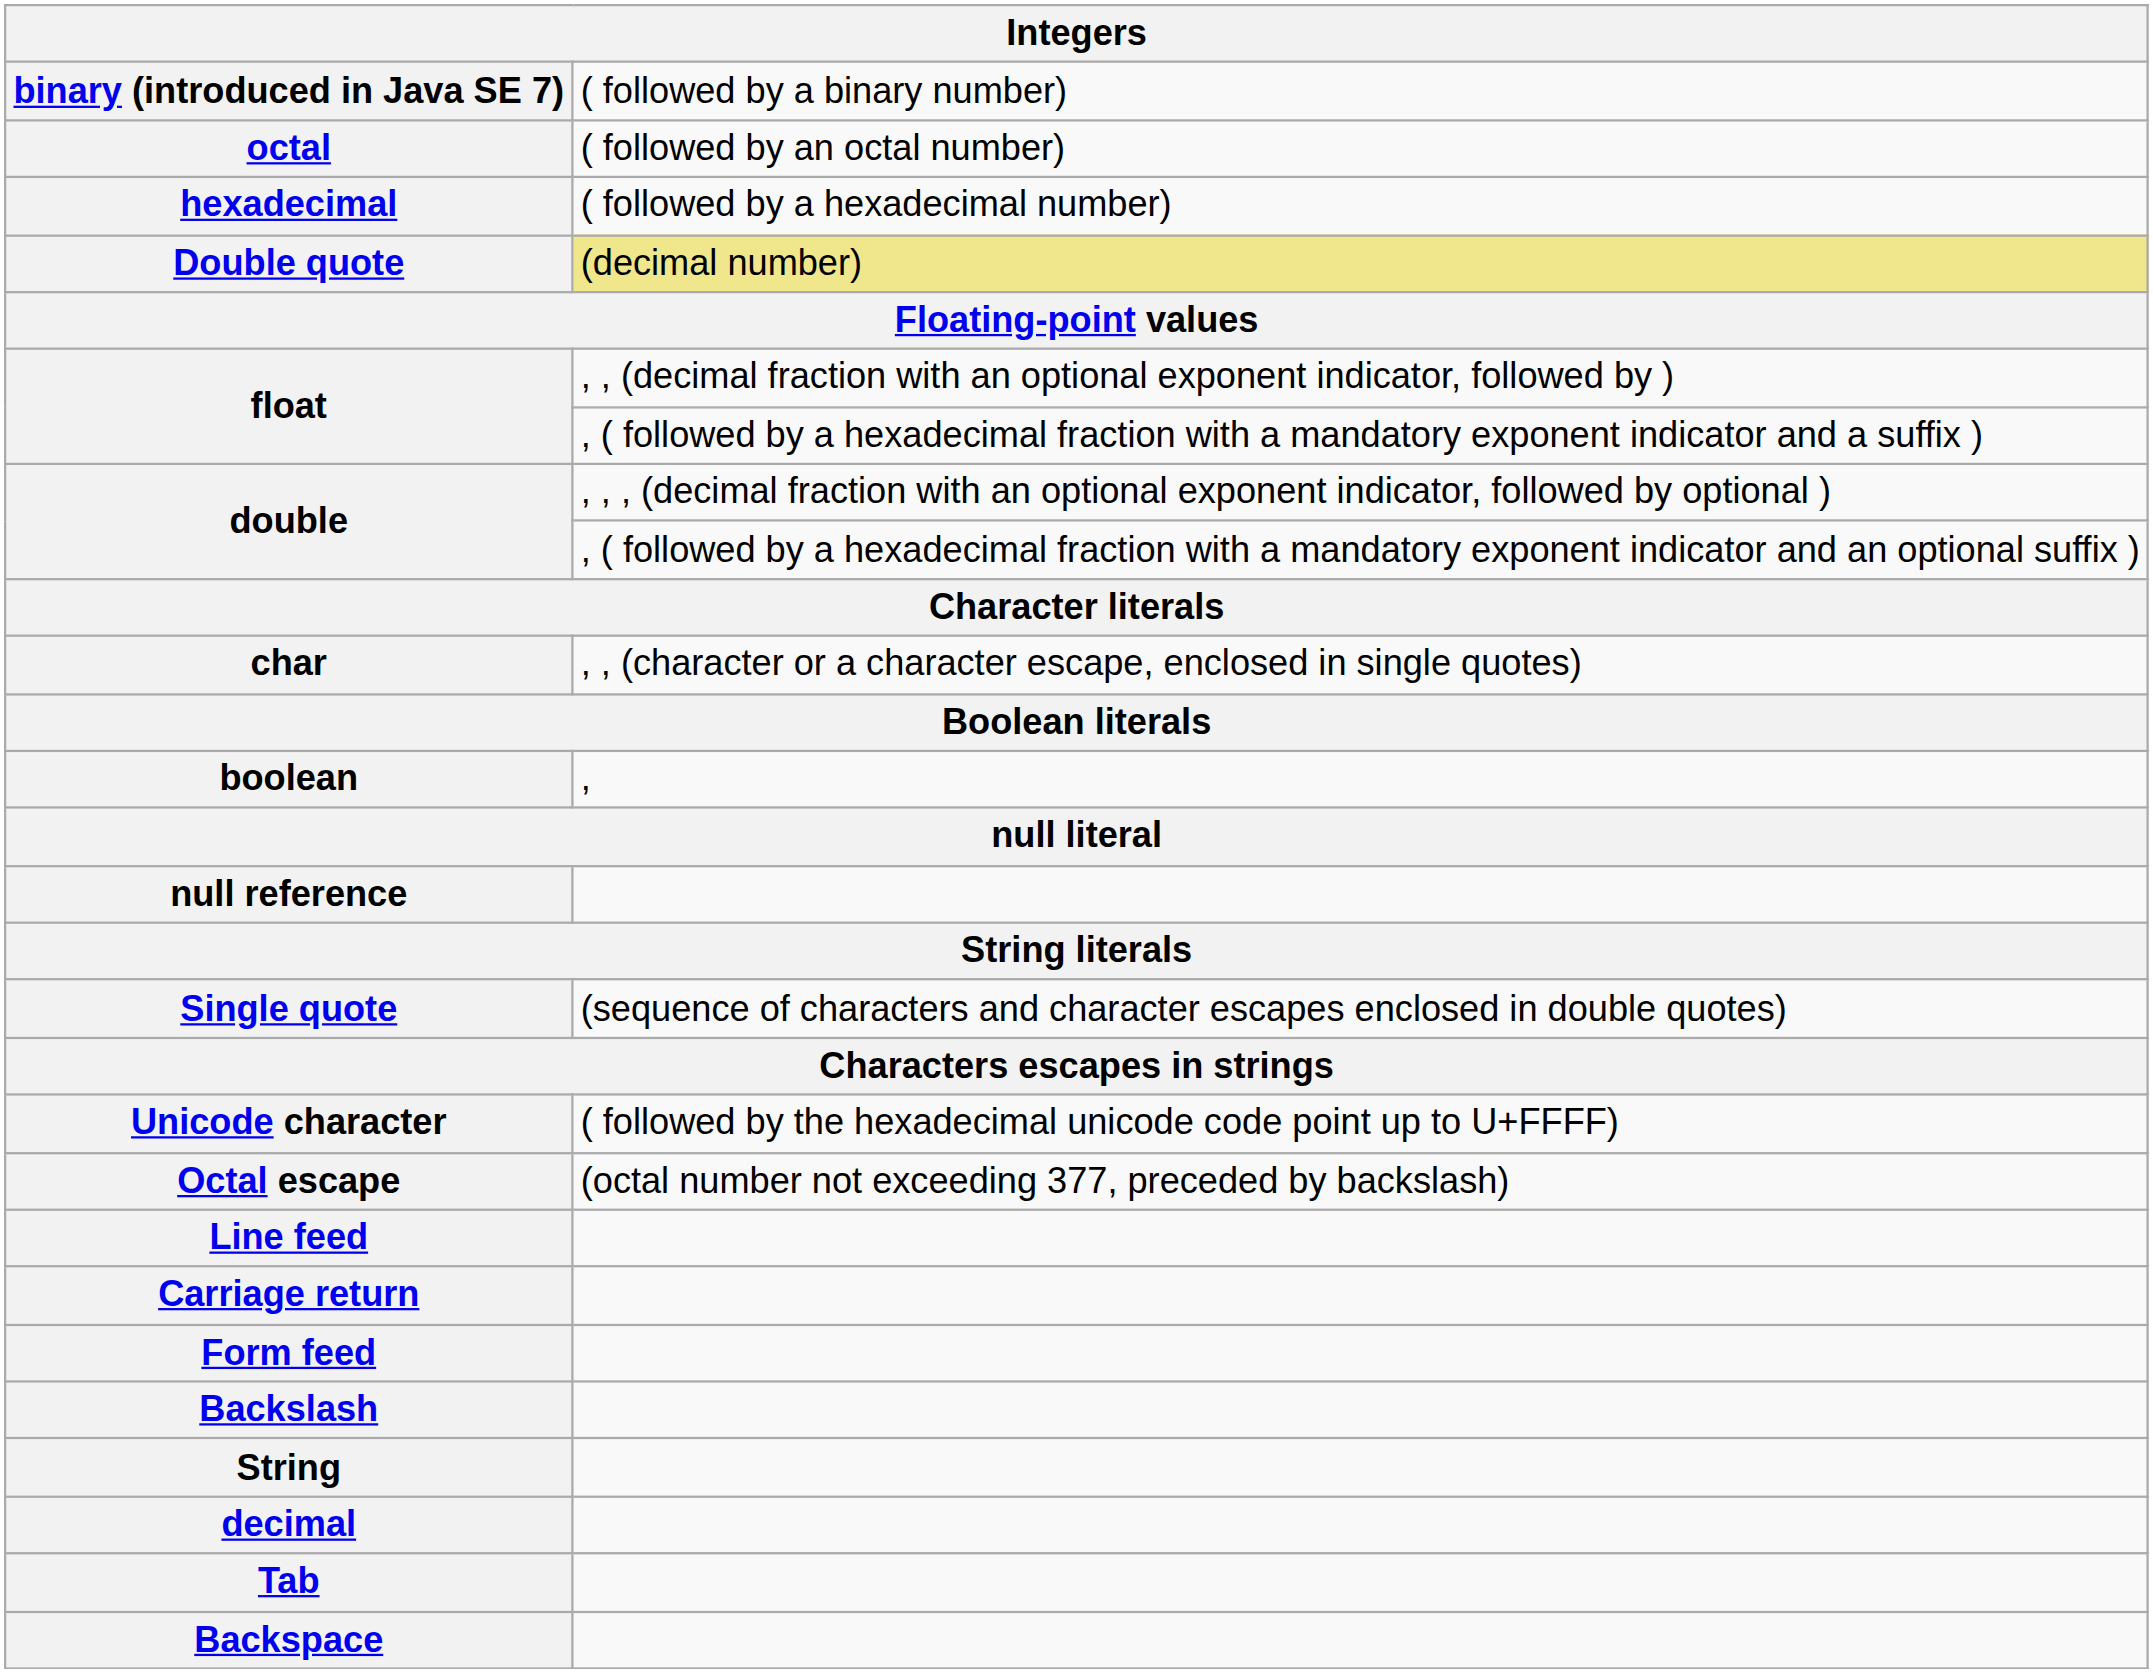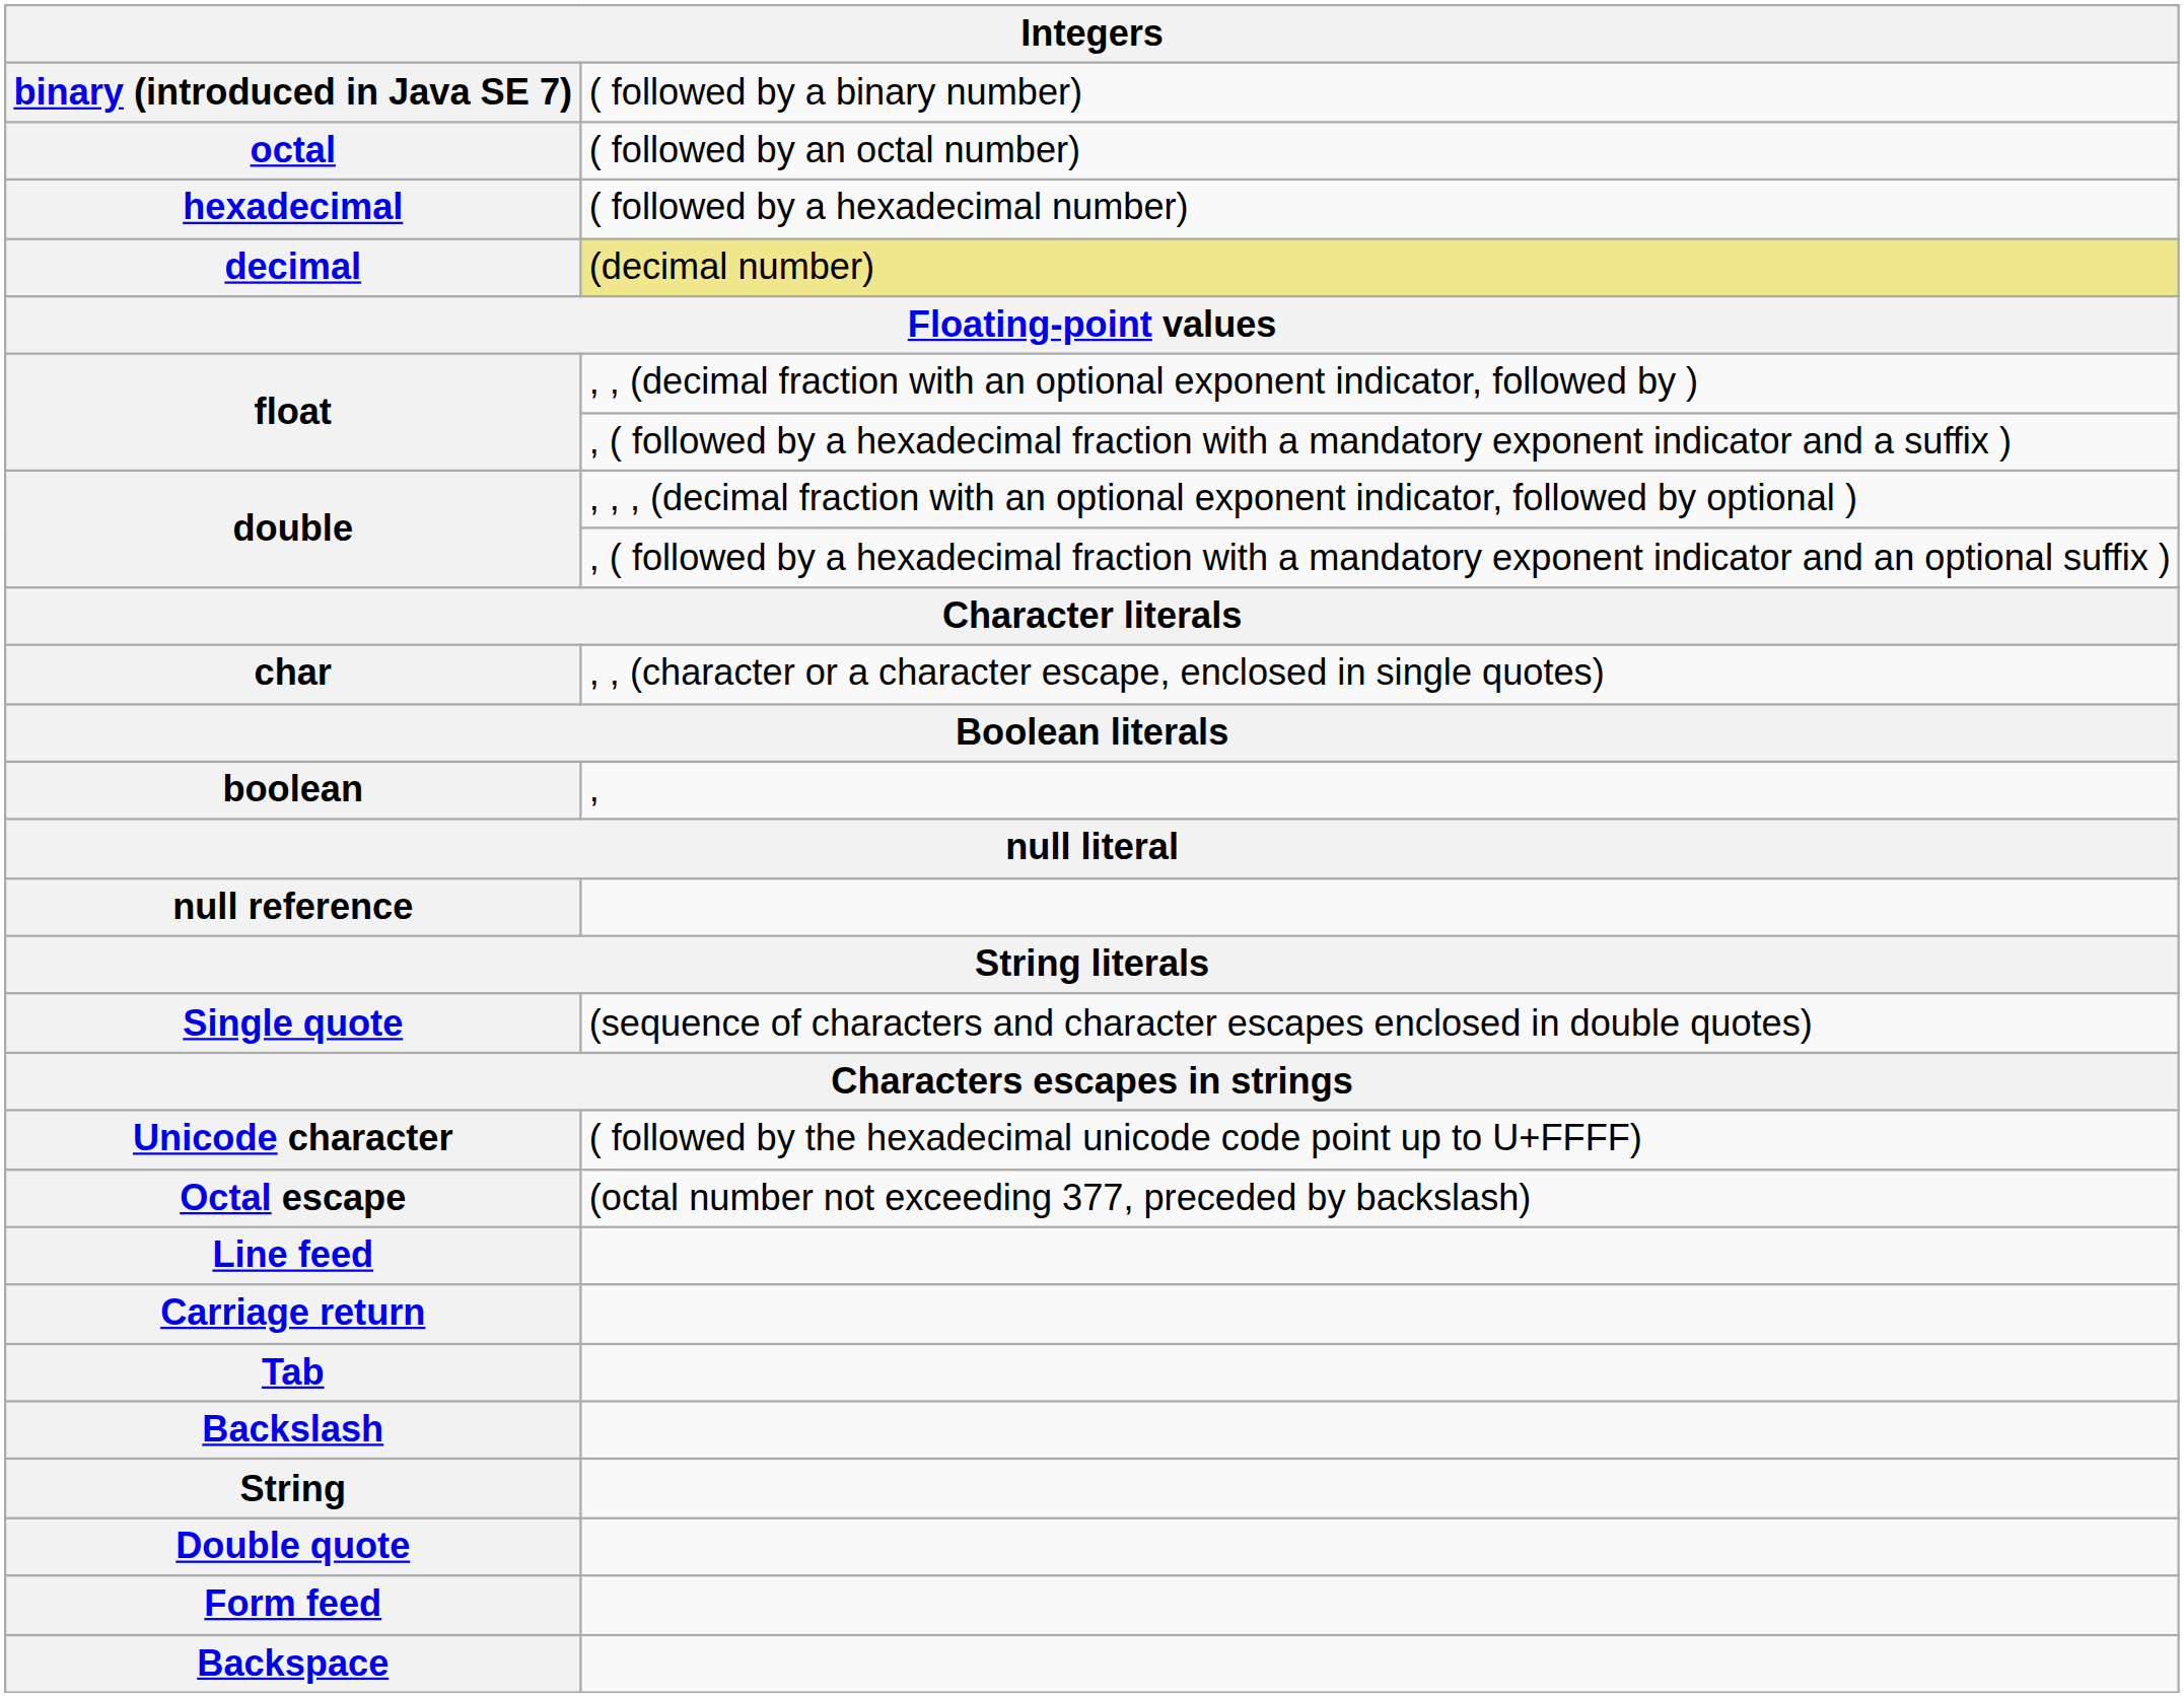 <table class="wikitable">
 <tr>
 <th colspan="2">Integers</th>
 </tr>
 <tr>
 <th><a href='#'>binary</a> (introduced in Java SE 7)</th>
 <td> ( followed by a binary number)</td>
 </tr>
 <tr>
 <th><a href='#'>octal</a></th>
 <td> ( followed by an octal number)</td>
 </tr>
 <tr>
 <th><a href='#'>hexadecimal</a></th>
 <td> ( followed by a hexadecimal number)</td>
 </tr>
 <tr>
-<th><a href='#'>Double quote</a></th>
+<th><a href='#'>decimal</a></th>
 <td style="background: khaki;"> (decimal number)</td>
 </tr>
 <tr>
 <th colspan="2"><a href='#'>Floating-point</a> values</th>
 </tr>
 <tr>
 <th rowspan="2">float</th>
 <td>, ,  (decimal fraction with an optional exponent indicator, followed by )</td>
 </tr>
 <tr>
 <td>,  ( followed by a hexadecimal fraction with a mandatory exponent indicator and a suffix )</td>
 </tr>
 <tr>
 <th rowspan="2">double</th>
 <td>, , ,  (decimal fraction with an optional exponent indicator, followed by optional )</td>
 </tr>
 <tr>
 <td>,  ( followed by a hexadecimal fraction with a mandatory exponent indicator and an optional suffix )</td>
 </tr>
 <tr>
 <th colspan="2">Character literals</th>
 </tr>
 <tr>
 <th>char</th>
 <td>, ,  (character or a character escape, enclosed in single quotes)</td>
 </tr>
 <tr>
 <th colspan="2">Boolean literals</th>
 </tr>
 <tr>
 <th>boolean</th>
 <td>, </td>
 </tr>
 <tr>
 <th colspan="2">null literal</th>
 </tr>
 <tr>
 <th>null reference</th>
 <td></td>
 </tr>
 <tr>
 <th colspan="2">String literals</th>
 </tr>
 <tr>
 <th><a href='#'>Single quote</a></th>
 <td> (sequence of characters and character escapes enclosed in double quotes)</td>
 </tr>
 <tr>
 <th colspan="2">Characters escapes in strings</th>
 </tr>
 <tr>
 <th><a href='#'>Unicode</a> character</th>
 <td> ( followed by the hexadecimal unicode code point up to U+FFFF)</td>
 </tr>
 <tr>
 <th><a href='#'>Octal</a> escape</th>
 <td> (octal number not exceeding 377, preceded by backslash)</td>
 </tr>
 <tr>
 <th><a href='#'>Line feed</a></th>
 <td></td>
 </tr>
 <tr>
 <th><a href='#'>Carriage return</a></th>
 <td></td>
 </tr>
 <tr>
-<th><a href='#'>Form feed</a></th>
+<th><a href='#'>Tab</a></th>
 <td></td>
 </tr>
 <tr>
 <th><a href='#'>Backslash</a></th>
 <td></td>
 </tr>
 <tr>
 <th>String</th>
 <td></td>
 </tr>
 <tr>
-<th><a href='#'>decimal</a></th>
+<th><a href='#'>Double quote</a></th>
 <td></td>
 </tr>
 <tr>
-<th><a href='#'>Tab</a></th>
+<th><a href='#'>Form feed</a></th>
 <td></td>
 </tr>
 <tr>
 <th><a href='#'>Backspace</a></th>
 <td></td>
 </tr>
 </table>
